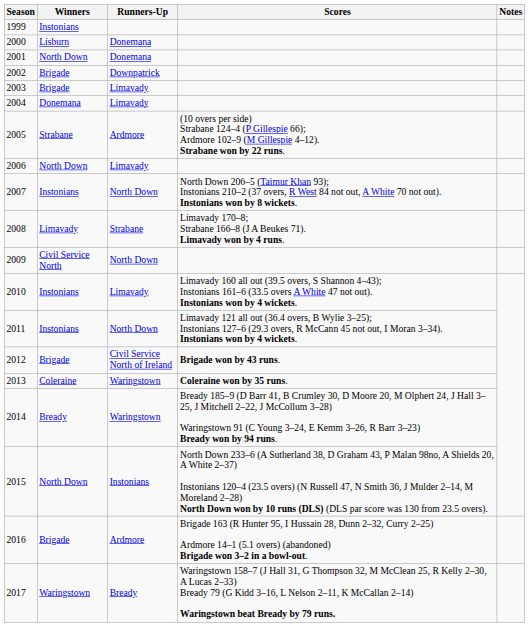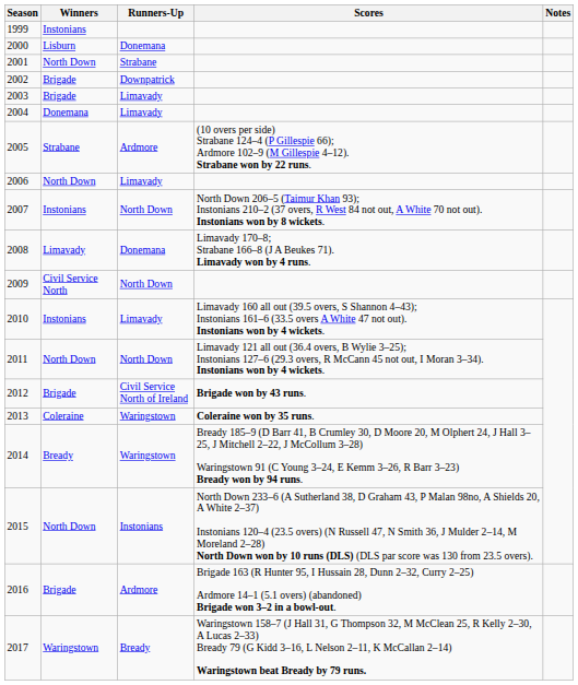 <table class="wikitable">
 <tr>
 <th>Season</th>
 <th width="110">Winners</th>
 <th width="110">Runners-Up</th>
 <th>Scores</th>
 <th>Notes</th>
 </tr>
 <tr>
 <td>1999</td>
 <td><a href='#'>Instonians</a></td>
 <td></td>
 <td></td>
 <td></td>
 </tr>
 <tr>
 <td>2000</td>
 <td><a href='#'>Lisburn</a></td>
 <td><a href='#'>Donemana</a></td>
 <td></td>
 <td></td>
 </tr>
 <tr>
 <td>2001</td>
 <td><a href='#'>North Down</a></td>
-<td><a href='#'>Donemana</a></td>
+<td><a href='#'>Strabane</a></td>
 <td></td>
 <td></td>
 </tr>
 <tr>
 <td>2002</td>
 <td><a href='#'>Brigade</a></td>
 <td><a href='#'>Downpatrick</a></td>
 <td></td>
 <td></td>
 </tr>
 <tr>
 <td>2003</td>
 <td><a href='#'>Brigade</a></td>
 <td><a href='#'>Limavady</a></td>
 <td></td>
 <td></td>
 </tr>
 <tr>
 <td>2004</td>
 <td><a href='#'>Donemana</a></td>
 <td><a href='#'>Limavady</a></td>
 <td></td>
 <td></td>
 </tr>
 <tr>
 <td>2005</td>
 <td><a href='#'>Strabane</a></td>
 <td><a href='#'>Ardmore</a></td>
 <td>(10 overs per side)<br>Strabane 124–4 (<a href='#'>P Gillespie</a> 66);<br>Ardmore 102–9 (<a href='#'>M Gillespie</a> 4–12).<br><strong>Strabane won by 22 runs</strong>.</td>
 <td></td>
 </tr>
 <tr>
 <td>2006</td>
 <td><a href='#'>North Down</a></td>
 <td><a href='#'>Limavady</a></td>
 <td></td>
 <td></td>
 </tr>
 <tr>
 <td>2007</td>
 <td><a href='#'>Instonians</a></td>
 <td><a href='#'>North Down</a></td>
 <td>North Down 206–5 (<a href='#'>Taimur Khan</a> 93);<br>Instonians 210–2 (37 overs, <a href='#'>R West</a> 84 not out, <a href='#'>A White</a> 70 not out).<br><strong>Instonians won by 8 wickets</strong>.</td>
 <td></td>
 </tr>
 <tr>
 <td>2008</td>
 <td><a href='#'>Limavady</a></td>
-<td><a href='#'>Strabane</a></td>
+<td><a href='#'>Donemana</a></td>
 <td>Limavady 170–8;<br>Strabane 166–8 (J A Beukes 71).<br><strong>Limavady won by 4 runs</strong>.</td>
 <td></td>
 </tr>
 <tr>
 <td>2009</td>
 <td><a href='#'>Civil Service North</a></td>
 <td><a href='#'>North Down</a></td>
 <td></td>
 <td></td>
 </tr>
 <tr>
 <td>2010</td>
 <td><a href='#'>Instonians</a></td>
 <td><a href='#'>Limavady</a></td>
 <td>Limavady 160 all out (39.5 overs, S Shannon 4–43);<br>Instonians 161–6 (33.5 overs <a href='#'>A White</a> 47 not out).<br><strong>Instonians won by 4 wickets</strong>.</td>
 </tr>
 <tr>
 <td>2011</td>
-<td><a href='#'>Instonians</a></td>
+<td><a href='#'>North Down</a></td>
 <td><a href='#'>North Down</a></td>
 <td>Limavady 121 all out (36.4 overs, B Wylie 3–25);<br>Instonians 127–6 (29.3 overs, R McCann 45 not out, I Moran 3–34).<br><strong>Instonians won by 4 wickets</strong>.</td>
 </tr>
 <tr>
 <td>2012</td>
 <td><a href='#'>Brigade</a></td>
 <td><a href='#'>Civil Service North of Ireland</a></td>
 <td><strong>Brigade won by 43 runs</strong>.</td>
 </tr>
 <tr>
 <td>2013</td>
 <td><a href='#'>Coleraine</a></td>
 <td><a href='#'>Waringstown</a></td>
 <td><strong>Coleraine won by 35 runs</strong>.</td>
 </tr>
 <tr>
 <td>2014</td>
 <td><a href='#'>Bready</a></td>
 <td><a href='#'>Waringstown</a></td>
 <td>Bready 185–9 (D Barr 41, B Crumley 30, D Moore 20, M Olphert 24, J Hall 3–25, J Mitchell 2–22, J McCollum 3–28)<br><br>Waringstown 91 (C Young 3–24, E Kemm 3–26, R Barr 3–23) <br><strong>Bready won by 94 runs</strong>.</td>
 </tr>
 <tr>
 <td>2015</td>
 <td><a href='#'>North Down</a></td>
 <td><a href='#'>Instonians</a></td>
 <td>North Down 233–6 (A Sutherland 38, D Graham 43, P Malan 98no, A Shields 20, A White 2–37)<br><br>Instonians 120–4 (23.5 overs) (N Russell 47, N Smith 36, J Mulder 2–14, M Moreland 2–28) <br><strong>North Down won by 10 runs (DLS)</strong> (DLS par score was 130 from 23.5 overs).</td>
 </tr>
 <tr>
 <td>2016</td>
 <td><a href='#'>Brigade</a></td>
 <td><a href='#'>Ardmore</a></td>
 <td>Brigade 163 (R Hunter 95, I Hussain 28, Dunn 2–32, Curry 2–25)<br><br>Ardmore 14–1 (5.1 overs) (abandoned) <br><strong>Brigade won 3–2 in a bowl-out</strong>.</td>
 <td></td>
 </tr>
 <tr>
 <td>2017</td>
 <td><a href='#'>Waringstown</a></td>
 <td><a href='#'>Bready</a></td>
 <td>Waringstown 158–7 (J Hall 31, G Thompson 32, M McClean 25, R Kelly 2–30, A Lucas 2–33)<br>Bready 79 (G Kidd 3–16, L Nelson 2–11, K McCallan 2–14)<br><br><strong>Waringstown beat Bready by 79 runs.</strong></td>
 <td></td>
 </tr>
 </table>
